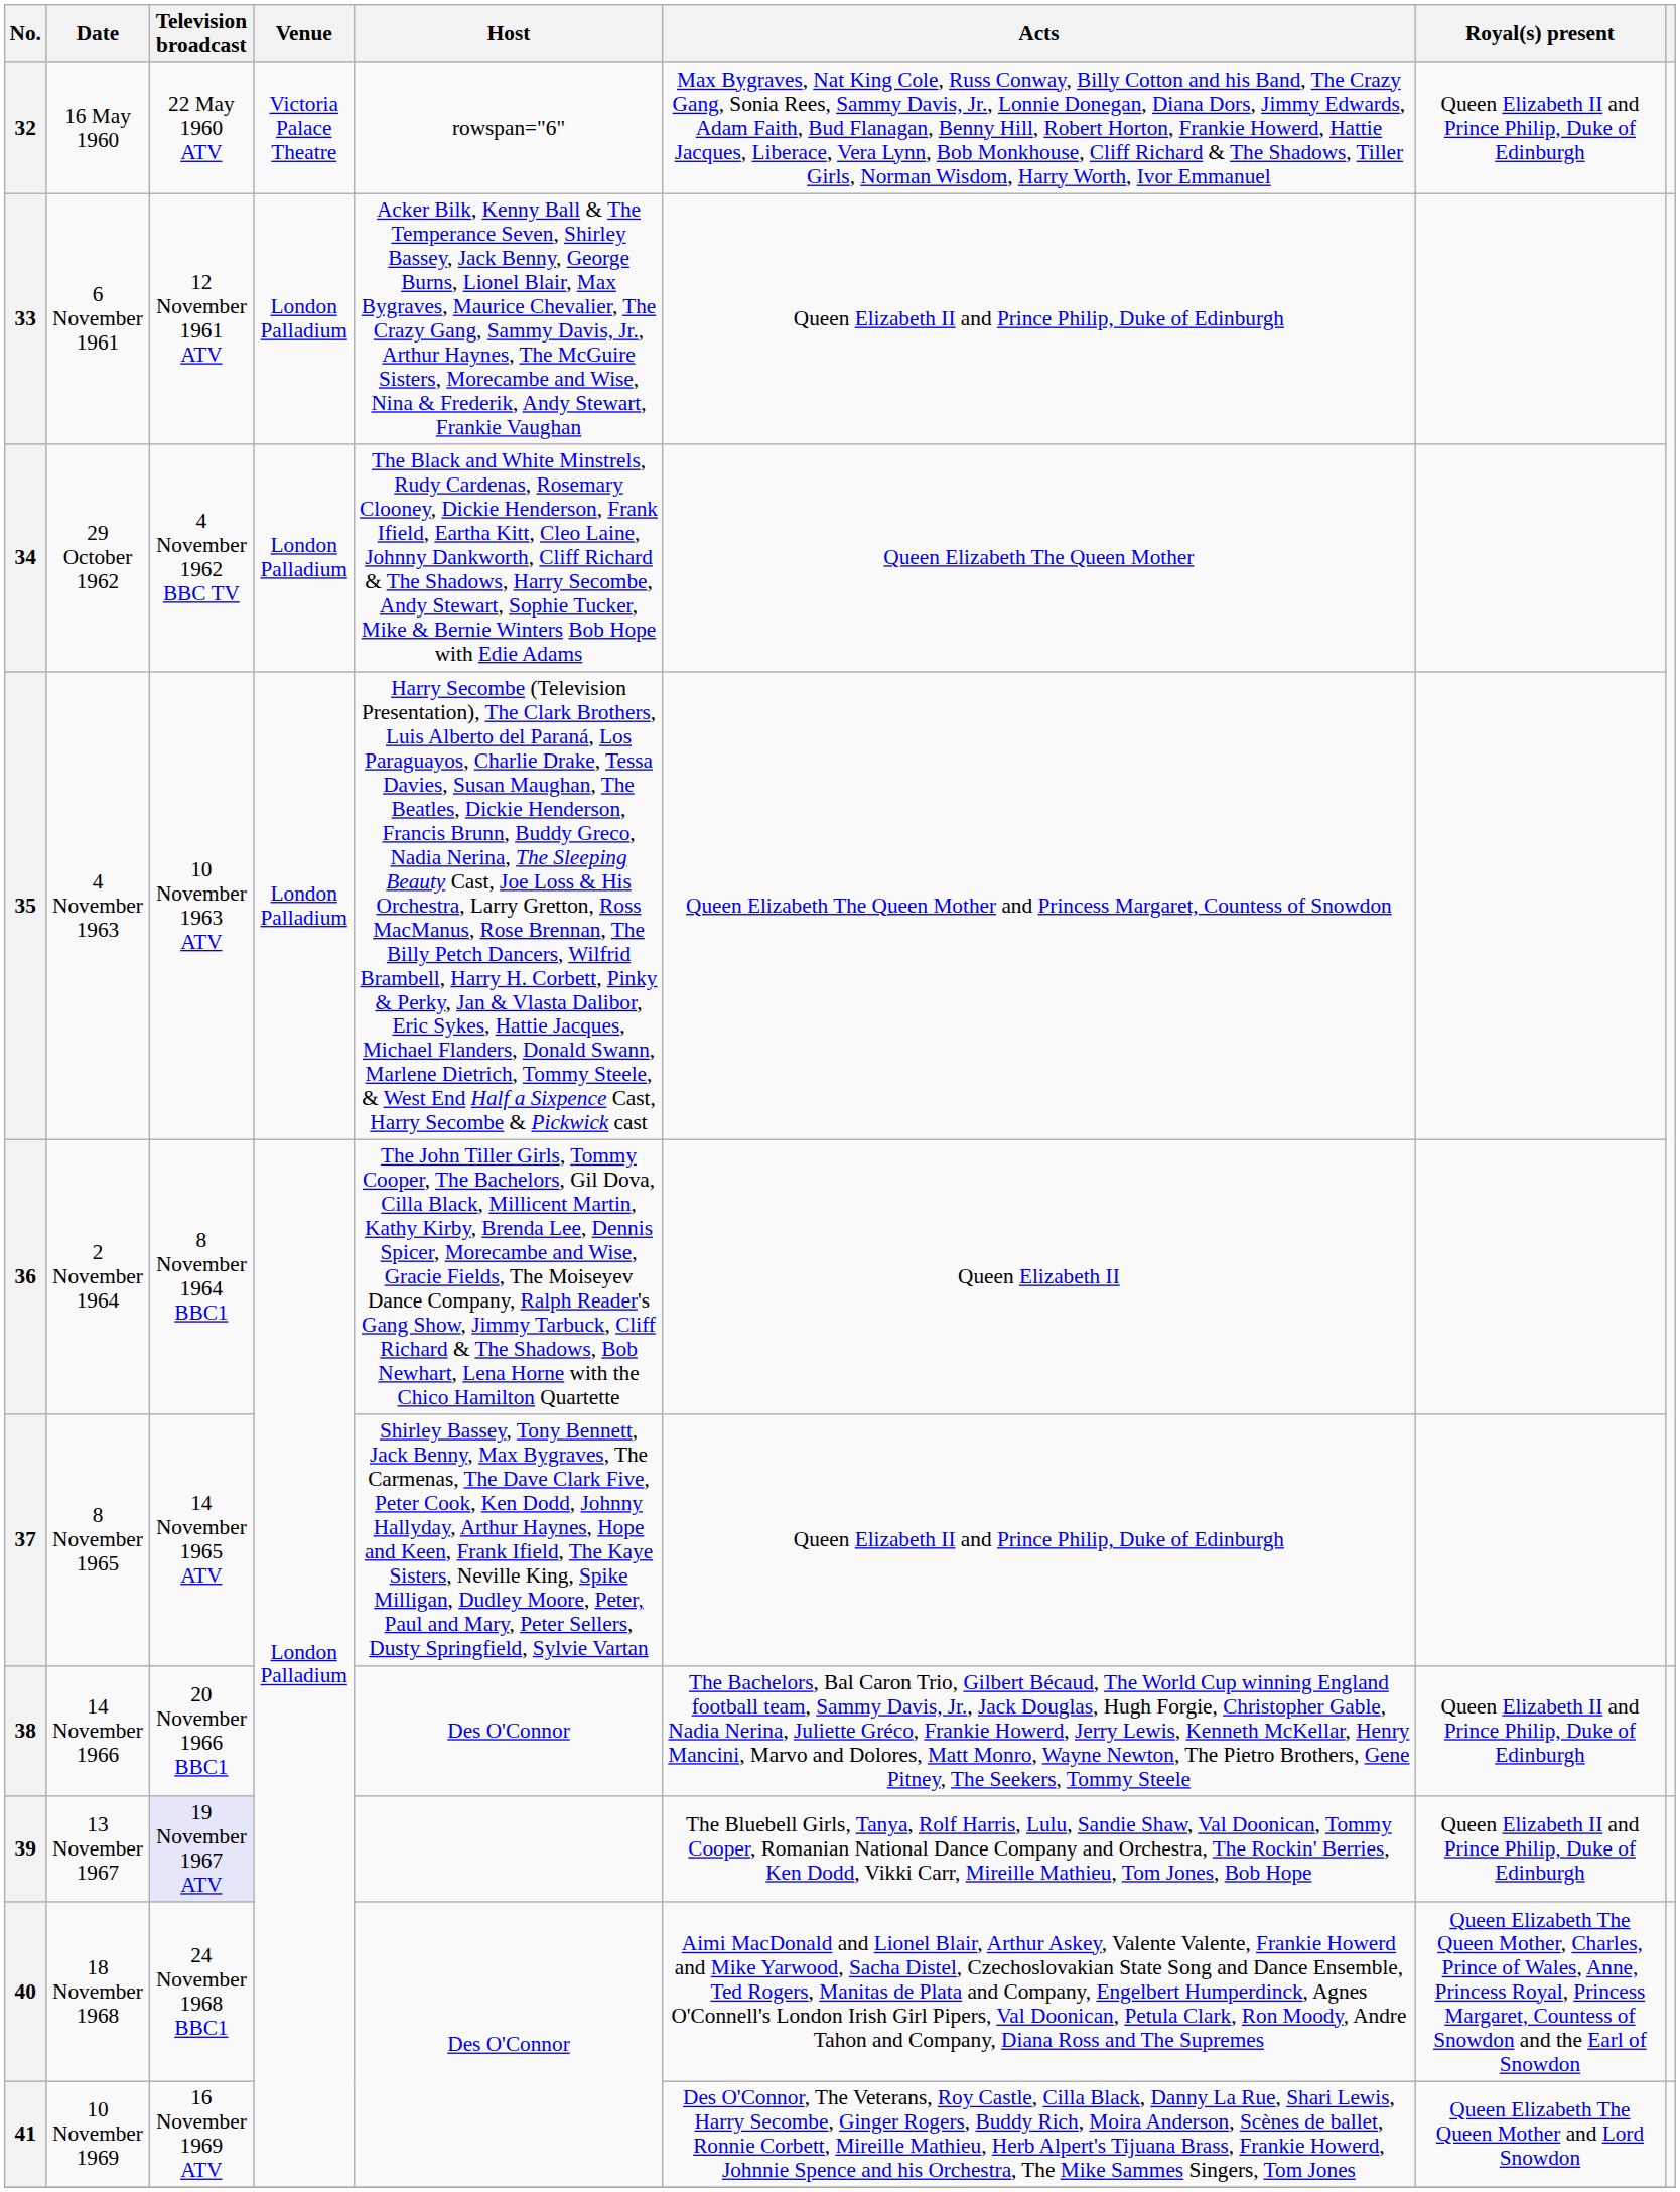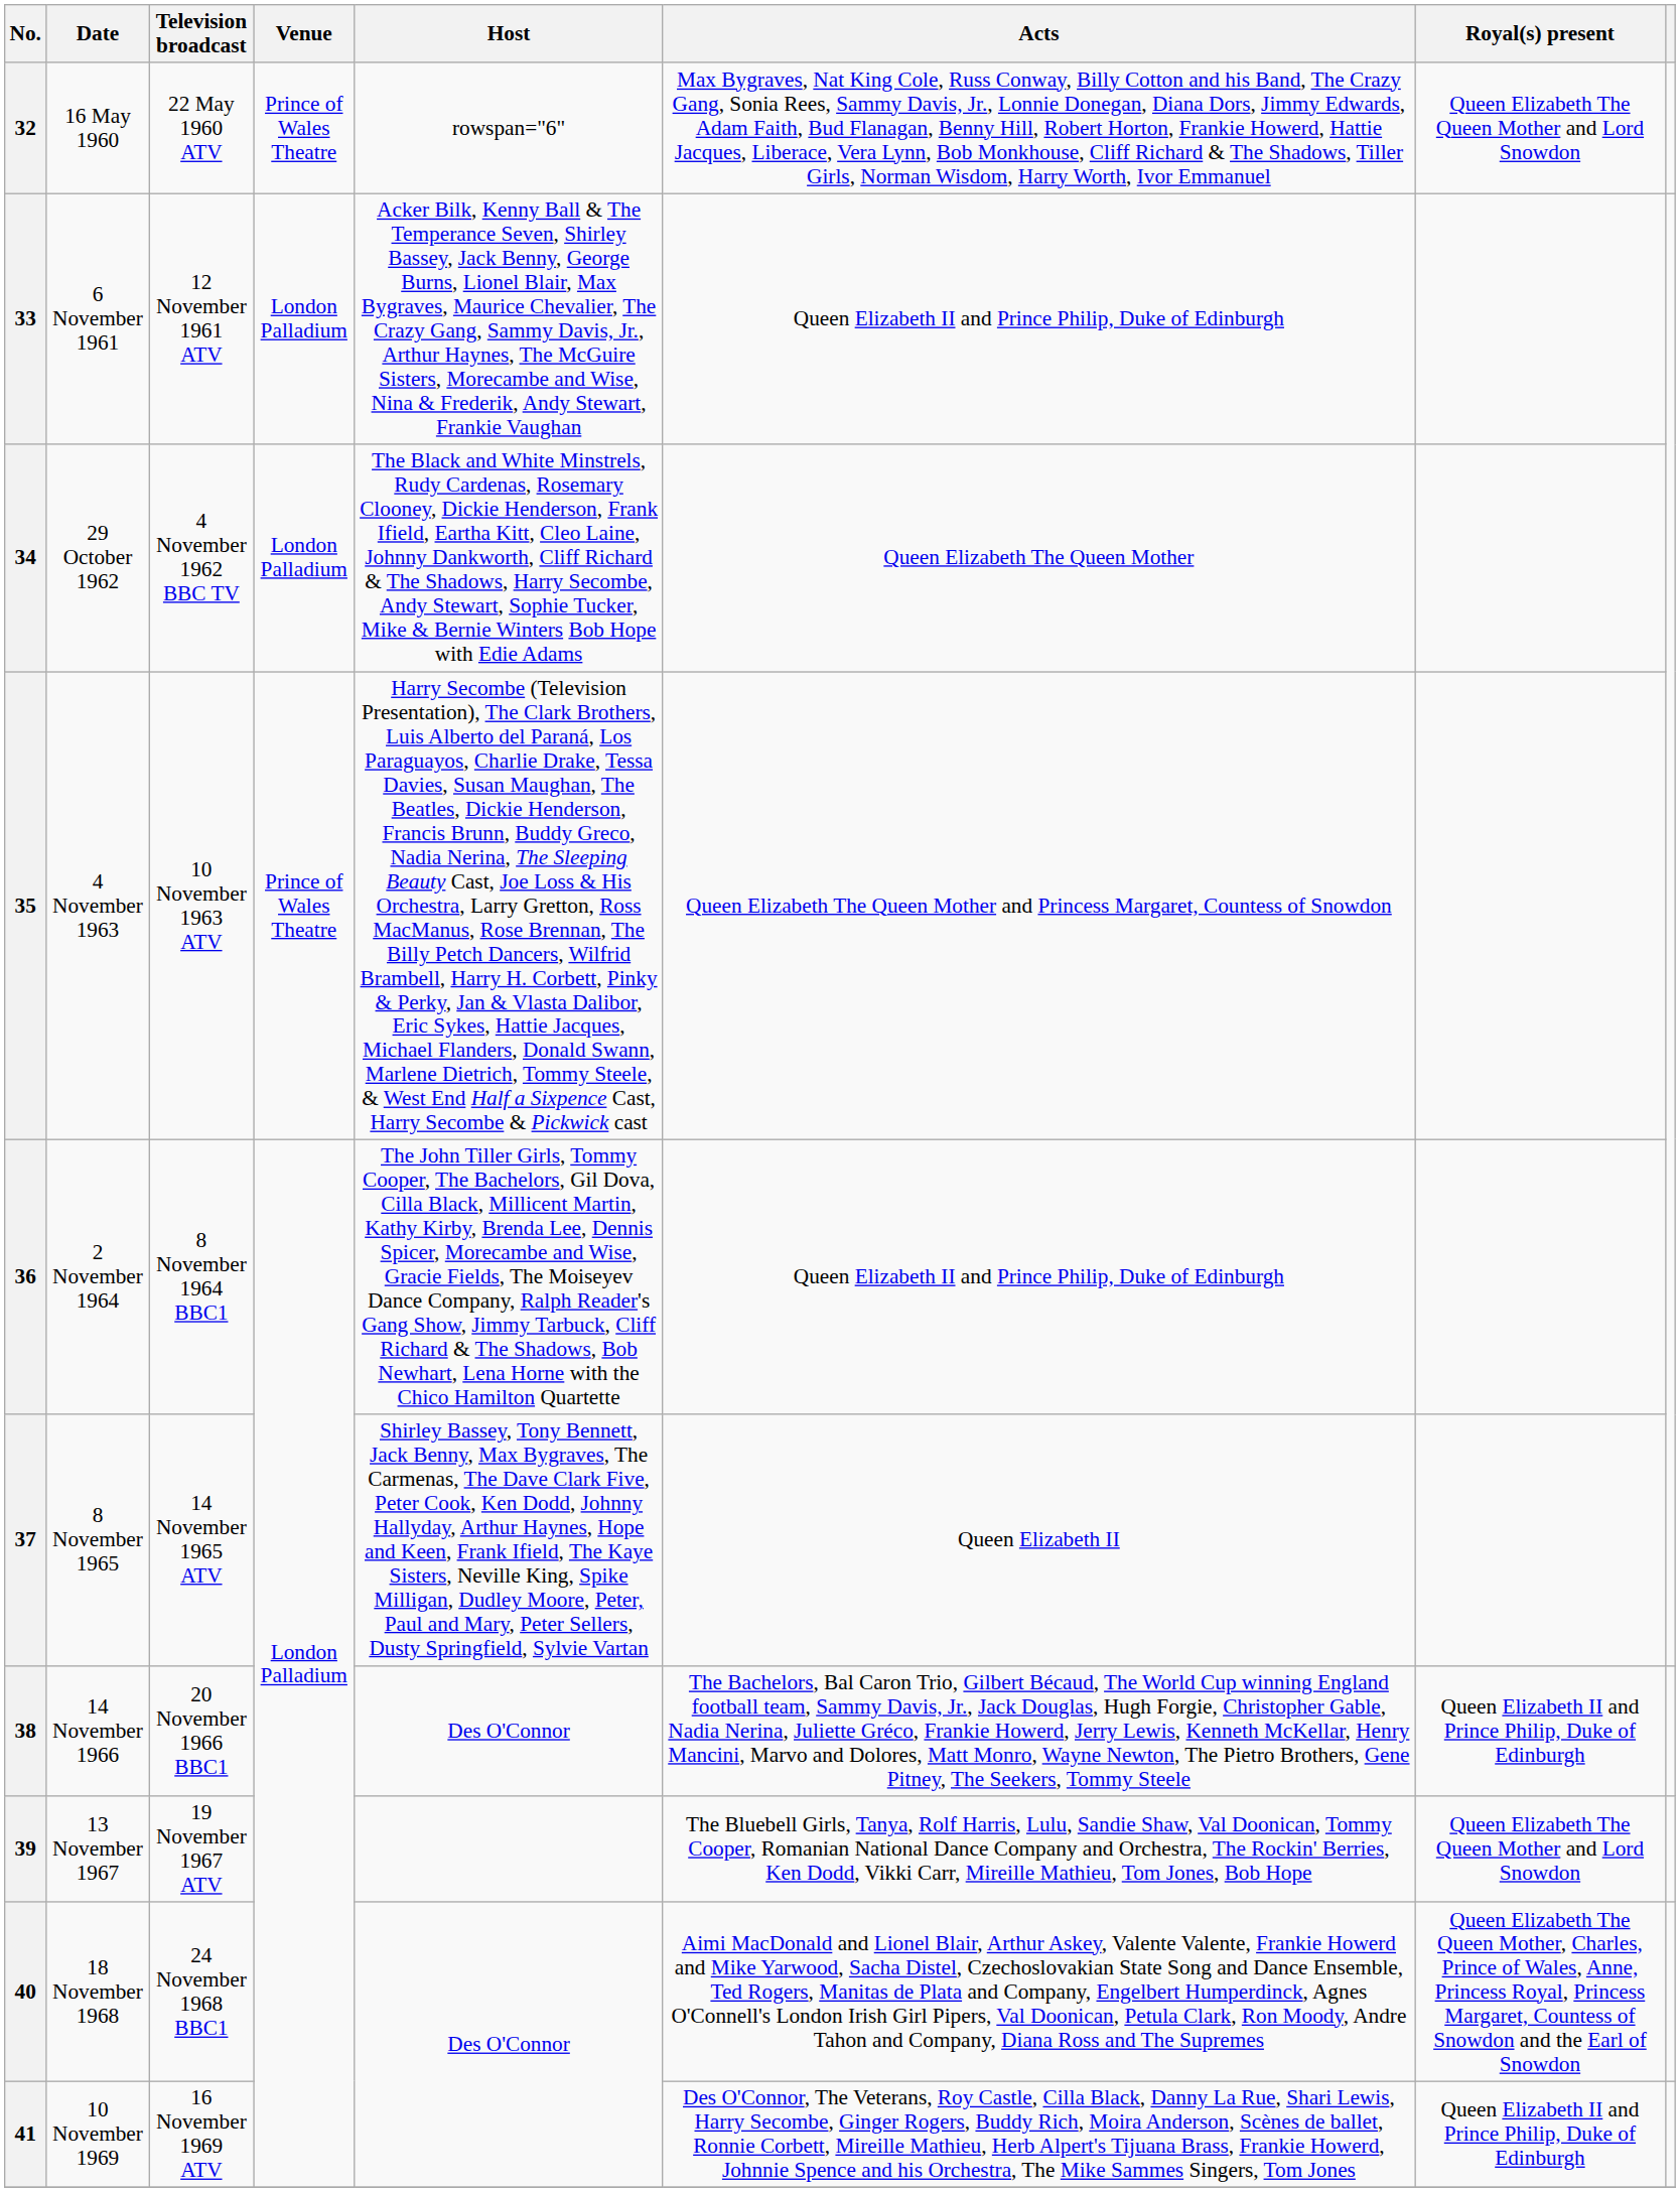 <table class="wikitable" border="1" style="text-align:center">
 <tr>
 <th>No.</th>
 <th>Date</th>
 <th>Television broadcast</th>
 <th>Venue</th>
 <th>Host</th>
 <th width=45%>Acts</th>
 <th width=15%>Royal(s) present</th>
 <th></th>
 </tr>
 <tr>
 <th>32</th>
 <td>16 May 1960</td>
 <td>22 May 1960<br><a href='#'>ATV</a></td>
-<td><a href='#'>Victoria Palace Theatre</a></td>
+<td><a href='#'>Prince of Wales Theatre</a></td>
 <td>rowspan="6" </td>
 <td><a href='#'>Max Bygraves</a>, <a href='#'>Nat King Cole</a>, <a href='#'>Russ Conway</a>, <a href='#'>Billy Cotton and his Band</a>, <a href='#'>The Crazy Gang</a>, Sonia Rees, <a href='#'>Sammy Davis, Jr.</a>, <a href='#'>Lonnie Donegan</a>, <a href='#'>Diana Dors</a>, <a href='#'>Jimmy Edwards</a>, <a href='#'>Adam Faith</a>, <a href='#'>Bud Flanagan</a>, <a href='#'>Benny Hill</a>, <a href='#'>Robert Horton</a>, <a href='#'>Frankie Howerd</a>, <a href='#'>Hattie Jacques</a>, <a href='#'>Liberace</a>, <a href='#'>Vera Lynn</a>, <a href='#'>Bob Monkhouse</a>, <a href='#'>Cliff Richard</a> & <a href='#'>The Shadows</a>, <a href='#'>Tiller Girls</a>, <a href='#'>Norman Wisdom</a>, <a href='#'>Harry Worth</a>, <a href='#'>Ivor Emmanuel</a></td>
-<td>Queen <a href='#'>Elizabeth II</a> and <a href='#'>Prince Philip, Duke of Edinburgh</a></td>
+<td><a href='#'>Queen Elizabeth The Queen Mother</a> and <a href='#'>Lord Snowdon</a></td>
 <td></td>
 </tr>
 <tr>
 <th>33</th>
 <td>6 November 1961</td>
 <td>12 November 1961<br><a href='#'>ATV</a></td>
 <td><a href='#'>London Palladium</a></td>
 <td><a href='#'>Acker Bilk</a>, <a href='#'>Kenny Ball</a> & <a href='#'>The Temperance Seven</a>, <a href='#'>Shirley Bassey</a>, <a href='#'>Jack Benny</a>, <a href='#'>George Burns</a>, <a href='#'>Lionel Blair</a>, <a href='#'>Max Bygraves</a>, <a href='#'>Maurice Chevalier</a>, <a href='#'>The Crazy Gang</a>, <a href='#'>Sammy Davis, Jr.</a>, <a href='#'>Arthur Haynes</a>, <a href='#'>The McGuire Sisters</a>, <a href='#'>Morecambe and Wise</a>, <a href='#'>Nina & Frederik</a>, <a href='#'>Andy Stewart</a>, <a href='#'>Frankie Vaughan</a></td>
 <td>Queen <a href='#'>Elizabeth II</a> and <a href='#'>Prince Philip, Duke of Edinburgh</a></td>
 <td></td>
 </tr>
 <tr>
 <th>34</th>
 <td>29 October 1962</td>
 <td>4 November 1962<br><a href='#'>BBC TV</a></td>
 <td><a href='#'>London Palladium</a></td>
 <td><a href='#'>The Black and White Minstrels</a>, <a href='#'>Rudy Cardenas</a>, <a href='#'>Rosemary Clooney</a>, <a href='#'>Dickie Henderson</a>, <a href='#'>Frank Ifield</a>, <a href='#'>Eartha Kitt</a>, <a href='#'>Cleo Laine</a>, <a href='#'>Johnny Dankworth</a>, <a href='#'>Cliff Richard</a> & <a href='#'>The Shadows</a>, <a href='#'>Harry Secombe</a>, <a href='#'>Andy Stewart</a>, <a href='#'>Sophie Tucker</a>, <a href='#'>Mike & Bernie Winters</a> <a href='#'>Bob Hope</a> with <a href='#'>Edie Adams</a></td>
 <td><a href='#'>Queen Elizabeth The Queen Mother</a></td>
 <td></td>
 </tr>
 <tr>
 <th>35</th>
 <td>4 November 1963</td>
 <td>10 November 1963<br><a href='#'>ATV</a></td>
-<td><a href='#'>London Palladium</a></td>
+<td><a href='#'>Prince of Wales Theatre</a></td>
 <td><a href='#'>Harry Secombe</a> (Television Presentation), <a href='#'>The Clark Brothers</a>, <a href='#'>Luis Alberto del Paraná</a>, <a href='#'>Los Paraguayos</a>, <a href='#'>Charlie Drake</a>, <a href='#'>Tessa Davies</a>, <a href='#'>Susan Maughan</a>, <a href='#'>The Beatles</a>, <a href='#'>Dickie Henderson</a>, <a href='#'>Francis Brunn</a>, <a href='#'>Buddy Greco</a>, <a href='#'>Nadia Nerina</a>, <em><a href='#'>The Sleeping Beauty</a></em> Cast, <a href='#'>Joe Loss & His Orchestra</a>, Larry Gretton, <a href='#'>Ross MacManus</a>, <a href='#'>Rose Brennan</a>, <a href='#'>The Billy Petch Dancers</a>, <a href='#'>Wilfrid Brambell</a>, <a href='#'>Harry H. Corbett</a>, <a href='#'>Pinky & Perky</a>, <a href='#'>Jan & Vlasta Dalibor</a>, <a href='#'>Eric Sykes</a>, <a href='#'>Hattie Jacques</a>, <a href='#'>Michael Flanders</a>, <a href='#'>Donald Swann</a>, <a href='#'>Marlene Dietrich</a>, <a href='#'>Tommy Steele</a>, & <a href='#'>West End</a> <em><a href='#'>Half a Sixpence</a></em> Cast, <a href='#'>Harry Secombe</a> & <em><a href='#'>Pickwick</a></em> cast</td>
 <td><a href='#'>Queen Elizabeth The Queen Mother</a> and <a href='#'>Princess Margaret, Countess of Snowdon</a></td>
 <td></td>
 </tr>
 <tr>
 <th>36</th>
 <td>2 November 1964</td>
 <td>8 November 1964<br><a href='#'>BBC1</a></td>
 <td rowspan="6"><a href='#'>London Palladium</a></td>
 <td><a href='#'>The John Tiller Girls</a>, <a href='#'>Tommy Cooper</a>, <a href='#'>The Bachelors</a>, Gil Dova, <a href='#'>Cilla Black</a>, <a href='#'>Millicent Martin</a>, <a href='#'>Kathy Kirby</a>, <a href='#'>Brenda Lee</a>, <a href='#'>Dennis Spicer</a>, <a href='#'>Morecambe and Wise</a>, <a href='#'>Gracie Fields</a>, The Moiseyev Dance Company, <a href='#'>Ralph Reader</a>'s <a href='#'>Gang Show</a>, <a href='#'>Jimmy Tarbuck</a>, <a href='#'>Cliff Richard</a> & <a href='#'>The Shadows</a>, <a href='#'>Bob Newhart</a>, <a href='#'>Lena Horne</a> with the <a href='#'>Chico Hamilton</a> Quartette</td>
-<td>Queen <a href='#'>Elizabeth II</a></td>
+<td>Queen <a href='#'>Elizabeth II</a> and <a href='#'>Prince Philip, Duke of Edinburgh</a></td>
 <td></td>
 </tr>
 <tr>
 <th>37</th>
 <td>8 November 1965</td>
 <td>14 November 1965<br><a href='#'>ATV</a></td>
 <td><a href='#'>Shirley Bassey</a>, <a href='#'>Tony Bennett</a>, <a href='#'>Jack Benny</a>, <a href='#'>Max Bygraves</a>, The Carmenas, <a href='#'>The Dave Clark Five</a>, <a href='#'>Peter Cook</a>, <a href='#'>Ken Dodd</a>, <a href='#'>Johnny Hallyday</a>, <a href='#'>Arthur Haynes</a>, <a href='#'>Hope and Keen</a>, <a href='#'>Frank Ifield</a>, <a href='#'>The Kaye Sisters</a>, Neville King, <a href='#'>Spike Milligan</a>, <a href='#'>Dudley Moore</a>, <a href='#'>Peter, Paul and Mary</a>, <a href='#'>Peter Sellers</a>, <a href='#'>Dusty Springfield</a>, <a href='#'>Sylvie Vartan</a></td>
-<td>Queen <a href='#'>Elizabeth II</a> and <a href='#'>Prince Philip, Duke of Edinburgh</a></td>
+<td>Queen <a href='#'>Elizabeth II</a></td>
 <td></td>
 </tr>
 <tr>
 <th>38</th>
 <td>14 November 1966</td>
 <td>20 November 1966<br><a href='#'>BBC1</a></td>
 <td><a href='#'>Des O'Connor</a></td>
 <td><a href='#'>The Bachelors</a>, Bal Caron Trio, <a href='#'>Gilbert Bécaud</a>, <a href='#'>The World Cup winning England football team</a>, <a href='#'>Sammy Davis, Jr.</a>, <a href='#'>Jack Douglas</a>, Hugh Forgie, <a href='#'>Christopher Gable</a>, <a href='#'>Nadia Nerina</a>, <a href='#'>Juliette Gréco</a>, <a href='#'>Frankie Howerd</a>, <a href='#'>Jerry Lewis</a>, <a href='#'>Kenneth McKellar</a>, <a href='#'>Henry Mancini</a>, Marvo and Dolores, <a href='#'>Matt Monro</a>, <a href='#'>Wayne Newton</a>, The Pietro Brothers, <a href='#'>Gene Pitney</a>, <a href='#'>The Seekers</a>, <a href='#'>Tommy Steele</a></td>
 <td>Queen <a href='#'>Elizabeth II</a> and <a href='#'>Prince Philip, Duke of Edinburgh</a></td>
 <td></td>
 </tr>
 <tr>
 <th>39</th>
 <td>13 November 1967</td>
-<td style="background: lavender;">19 November 1967<br><a href='#'>ATV</a></td>
+<td>19 November 1967<br><a href='#'>ATV</a></td>
 <td></td>
 <td>The Bluebell Girls, <a href='#'>Tanya</a>, <a href='#'>Rolf Harris</a>, <a href='#'>Lulu</a>, <a href='#'>Sandie Shaw</a>, <a href='#'>Val Doonican</a>, <a href='#'>Tommy Cooper</a>, Romanian National Dance Company and Orchestra, <a href='#'>The Rockin' Berries</a>, <a href='#'>Ken Dodd</a>, Vikki Carr, <a href='#'>Mireille Mathieu</a>, <a href='#'>Tom Jones</a>, <a href='#'>Bob Hope</a></td>
-<td>Queen <a href='#'>Elizabeth II</a> and <a href='#'>Prince Philip, Duke of Edinburgh</a></td>
+<td><a href='#'>Queen Elizabeth The Queen Mother</a> and <a href='#'>Lord Snowdon</a></td>
 <td></td>
 </tr>
 <tr>
 <th>40</th>
 <td>18 November 1968</td>
 <td>24 November 1968<br><a href='#'>BBC1</a></td>
 <td rowspan="2"><a href='#'>Des O'Connor</a></td>
 <td><a href='#'>Aimi MacDonald</a> and <a href='#'>Lionel Blair</a>, <a href='#'>Arthur Askey</a>, Valente Valente, <a href='#'>Frankie Howerd</a> and <a href='#'>Mike Yarwood</a>, <a href='#'>Sacha Distel</a>, Czechoslovakian State Song and Dance Ensemble, <a href='#'>Ted Rogers</a>, <a href='#'>Manitas de Plata</a> and Company, <a href='#'>Engelbert Humperdinck</a>, Agnes O'Connell's London Irish Girl Pipers, <a href='#'>Val Doonican</a>, <a href='#'>Petula Clark</a>, <a href='#'>Ron Moody</a>, Andre Tahon and Company, <a href='#'>Diana Ross and The Supremes</a></td>
 <td><a href='#'>Queen Elizabeth The Queen Mother</a>, <a href='#'>Charles, Prince of Wales</a>, <a href='#'>Anne, Princess Royal</a>, <a href='#'>Princess Margaret, Countess of Snowdon</a> and the <a href='#'>Earl of Snowdon</a></td>
 <td></td>
 </tr>
 <tr>
 <th>41</th>
 <td>10 November 1969</td>
 <td>16 November 1969<br><a href='#'>ATV</a></td>
 <td><a href='#'>Des O'Connor</a>, The Veterans, <a href='#'>Roy Castle</a>, <a href='#'>Cilla Black</a>, <a href='#'>Danny La Rue</a>, <a href='#'>Shari Lewis</a>, <a href='#'>Harry Secombe</a>, <a href='#'>Ginger Rogers</a>, <a href='#'>Buddy Rich</a>, <a href='#'>Moira Anderson</a>, <a href='#'>Scènes de ballet</a>, <a href='#'>Ronnie Corbett</a>, <a href='#'>Mireille Mathieu</a>, <a href='#'>Herb Alpert's Tijuana Brass</a>, <a href='#'>Frankie Howerd</a>, <a href='#'>Johnnie Spence and his Orchestra</a>, The <a href='#'>Mike Sammes</a> Singers, <a href='#'>Tom Jones</a></td>
-<td><a href='#'>Queen Elizabeth The Queen Mother</a> and <a href='#'>Lord Snowdon</a></td>
+<td>Queen <a href='#'>Elizabeth II</a> and <a href='#'>Prince Philip, Duke of Edinburgh</a></td>
 <td></td>
 </tr>
 <tr>
 </tr>
 </table>
